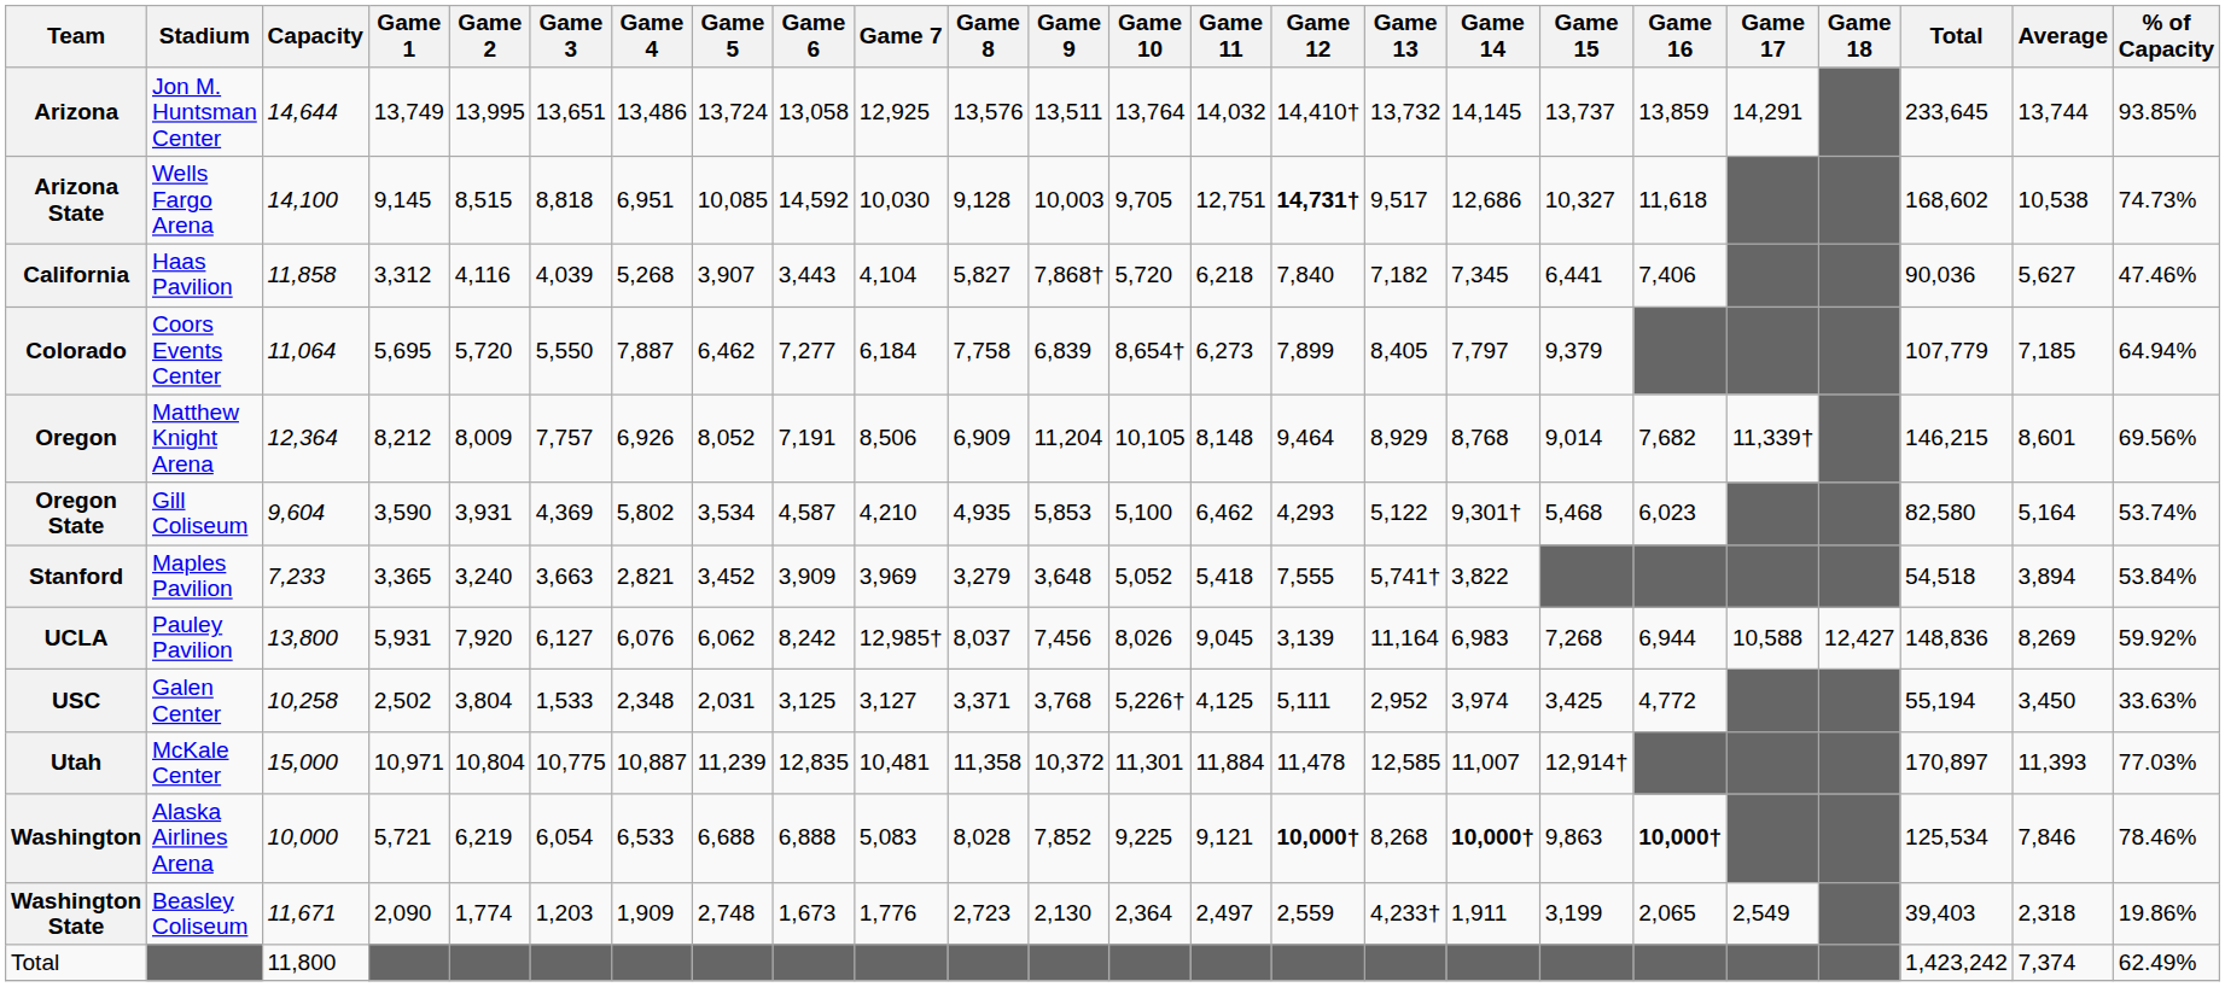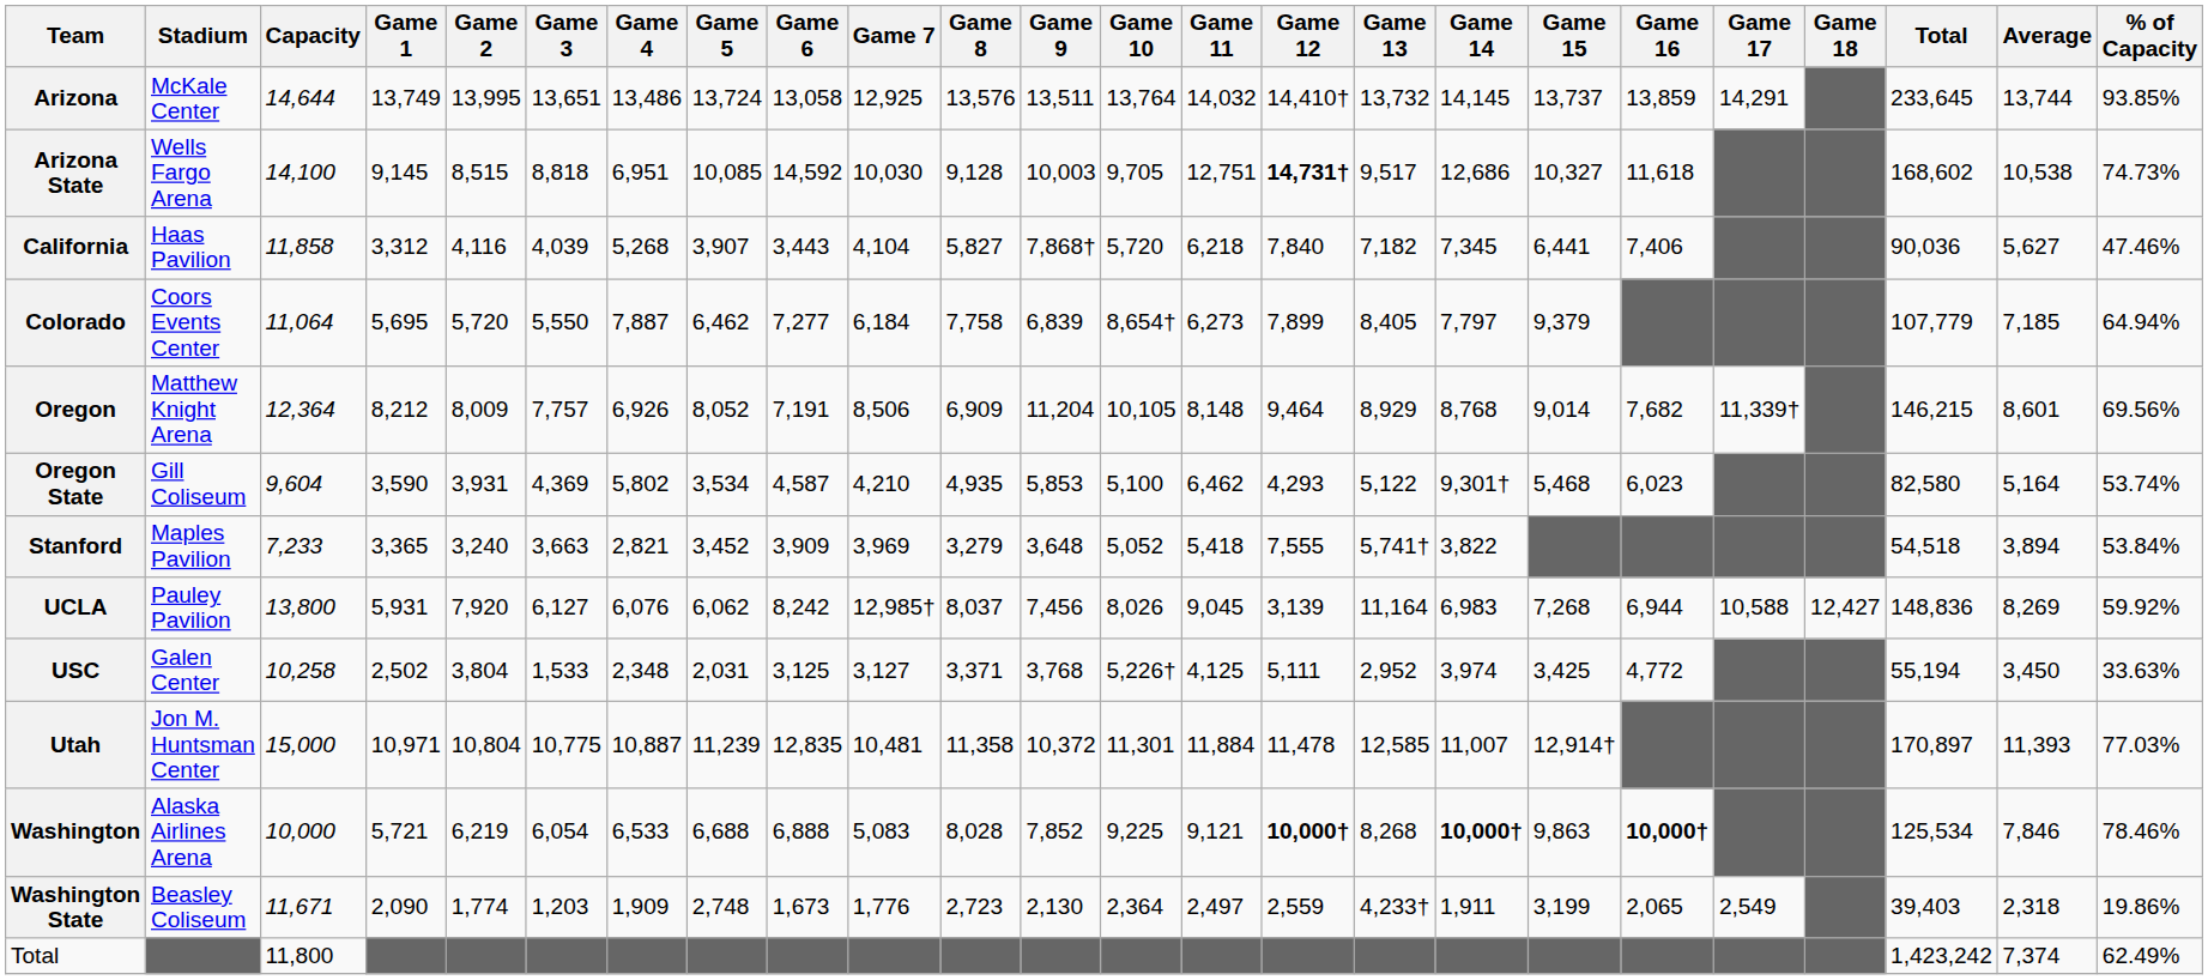 <table class="wikitable">
 <tr>
 <th>Team</th>
 <th>Stadium</th>
 <th>Capacity</th>
 <th>Game 1</th>
 <th>Game 2</th>
 <th>Game 3</th>
 <th>Game 4</th>
 <th>Game 5</th>
 <th>Game 6</th>
 <th>Game 7</th>
 <th>Game 8</th>
 <th>Game 9</th>
 <th>Game 10</th>
 <th>Game 11</th>
 <th>Game 12</th>
 <th>Game 13</th>
 <th>Game 14</th>
 <th>Game 15</th>
 <th>Game 16</th>
 <th>Game 17</th>
 <th>Game 18</th>
 <th>Total</th>
 <th>Average</th>
 <th>% of Capacity</th>
 </tr>
 <tr>
 <th>Arizona</th>
-<td><a href='#'>Jon M. Huntsman Center</a></td>
+<td><a href='#'>McKale Center</a></td>
 <td><em>14,644</em></td>
 <td>13,749</td>
 <td>13,995</td>
 <td>13,651</td>
 <td>13,486</td>
 <td>13,724</td>
 <td>13,058</td>
 <td>12,925</td>
 <td>13,576</td>
 <td>13,511</td>
 <td>13,764</td>
 <td>14,032</td>
 <td>14,410†</td>
 <td>13,732</td>
 <td>14,145</td>
 <td>13,737</td>
 <td>13,859</td>
 <td>14,291</td>
 <td style="background:#666666;"></td>
 <td>233,645</td>
 <td>13,744</td>
 <td>93.85%</td>
 </tr>
 <tr>
 <th>Arizona State</th>
 <td><a href='#'>Wells Fargo Arena</a></td>
 <td><em>14,100</em></td>
 <td>9,145</td>
 <td>8,515</td>
 <td>8,818</td>
 <td>6,951</td>
 <td>10,085</td>
 <td>14,592</td>
 <td>10,030</td>
 <td>9,128</td>
 <td>10,003</td>
 <td>9,705</td>
 <td>12,751</td>
 <td><strong>14,731†</strong></td>
 <td>9,517</td>
 <td>12,686</td>
 <td>10,327</td>
 <td>11,618</td>
 <td style="background:#666666;"></td>
 <td style="background:#666666;"></td>
 <td>168,602</td>
 <td>10,538</td>
 <td>74.73%</td>
 </tr>
 <tr>
 <th>California</th>
 <td><a href='#'>Haas Pavilion</a></td>
 <td><em>11,858</em></td>
 <td>3,312</td>
 <td>4,116</td>
 <td>4,039</td>
 <td>5,268</td>
 <td>3,907</td>
 <td>3,443</td>
 <td>4,104</td>
 <td>5,827</td>
 <td>7,868†</td>
 <td>5,720</td>
 <td>6,218</td>
 <td>7,840</td>
 <td>7,182</td>
 <td>7,345</td>
 <td>6,441</td>
 <td>7,406</td>
 <td style="background:#666666;"></td>
 <td style="background:#666666;"></td>
 <td>90,036</td>
 <td>5,627</td>
 <td>47.46%</td>
 </tr>
 <tr>
 <th>Colorado</th>
 <td><a href='#'>Coors Events Center</a></td>
 <td><em>11,064</em></td>
 <td>5,695</td>
 <td>5,720</td>
 <td>5,550</td>
 <td>7,887</td>
 <td>6,462</td>
 <td>7,277</td>
 <td>6,184</td>
 <td>7,758</td>
 <td>6,839</td>
 <td>8,654†</td>
 <td>6,273</td>
 <td>7,899</td>
 <td>8,405</td>
 <td>7,797</td>
 <td>9,379</td>
 <td style="background:#666666;"></td>
 <td style="background:#666666;"></td>
 <td style="background:#666666;"></td>
 <td>107,779</td>
 <td>7,185</td>
 <td>64.94%</td>
 </tr>
 <tr>
 <th>Oregon</th>
 <td><a href='#'>Matthew Knight Arena</a></td>
 <td><em>12,364</em></td>
 <td>8,212</td>
 <td>8,009</td>
 <td>7,757</td>
 <td>6,926</td>
 <td>8,052</td>
 <td>7,191</td>
 <td>8,506</td>
 <td>6,909</td>
 <td>11,204</td>
 <td>10,105</td>
 <td>8,148</td>
 <td>9,464</td>
 <td>8,929</td>
 <td>8,768</td>
 <td>9,014</td>
 <td>7,682</td>
 <td>11,339†</td>
 <td style="background:#666666;"></td>
 <td>146,215</td>
 <td>8,601</td>
 <td>69.56%</td>
 </tr>
 <tr>
 <th>Oregon State</th>
 <td><a href='#'>Gill Coliseum</a></td>
 <td><em>9,604</em></td>
 <td>3,590</td>
 <td>3,931</td>
 <td>4,369</td>
 <td>5,802</td>
 <td>3,534</td>
 <td>4,587</td>
 <td>4,210</td>
 <td>4,935</td>
 <td>5,853</td>
 <td>5,100</td>
 <td>6,462</td>
 <td>4,293</td>
 <td>5,122</td>
 <td>9,301†</td>
 <td>5,468</td>
 <td>6,023</td>
 <td style="background:#666666;"></td>
 <td style="background:#666666;"></td>
 <td>82,580</td>
 <td>5,164</td>
 <td>53.74%</td>
 </tr>
 <tr>
 <th>Stanford</th>
 <td><a href='#'>Maples Pavilion</a></td>
 <td><em>7,233</em></td>
 <td>3,365</td>
 <td>3,240</td>
 <td>3,663</td>
 <td>2,821</td>
 <td>3,452</td>
 <td>3,909</td>
 <td>3,969</td>
 <td>3,279</td>
 <td>3,648</td>
 <td>5,052</td>
 <td>5,418</td>
 <td>7,555</td>
 <td>5,741†</td>
 <td>3,822</td>
 <td style="background:#666666;"></td>
 <td style="background:#666666;"></td>
 <td style="background:#666666;"></td>
 <td style="background:#666666;"></td>
 <td>54,518</td>
 <td>3,894</td>
 <td>53.84%</td>
 </tr>
 <tr>
 <th>UCLA</th>
 <td><a href='#'>Pauley Pavilion</a></td>
 <td><em>13,800</em></td>
 <td>5,931</td>
 <td>7,920</td>
 <td>6,127</td>
 <td>6,076</td>
 <td>6,062</td>
 <td>8,242</td>
 <td>12,985†</td>
 <td>8,037</td>
 <td>7,456</td>
 <td>8,026</td>
 <td>9,045</td>
 <td>3,139</td>
 <td>11,164</td>
 <td>6,983</td>
 <td>7,268</td>
 <td>6,944</td>
 <td>10,588</td>
 <td>12,427</td>
 <td>148,836</td>
 <td>8,269</td>
 <td>59.92%</td>
 </tr>
 <tr>
 <th>USC</th>
 <td><a href='#'>Galen Center</a></td>
 <td><em>10,258</em></td>
 <td>2,502</td>
 <td>3,804</td>
 <td>1,533</td>
 <td>2,348</td>
 <td>2,031</td>
 <td>3,125</td>
 <td>3,127</td>
 <td>3,371</td>
 <td>3,768</td>
 <td>5,226†</td>
 <td>4,125</td>
 <td>5,111</td>
 <td>2,952</td>
 <td>3,974</td>
 <td>3,425</td>
 <td>4,772</td>
 <td style="background:#666666;"></td>
 <td style="background:#666666;"></td>
 <td>55,194</td>
 <td>3,450</td>
 <td>33.63%</td>
 </tr>
 <tr>
 <th>Utah</th>
-<td><a href='#'>McKale Center</a></td>
+<td><a href='#'>Jon M. Huntsman Center</a></td>
 <td><em>15,000</em></td>
 <td>10,971</td>
 <td>10,804</td>
 <td>10,775</td>
 <td>10,887</td>
 <td>11,239</td>
 <td>12,835</td>
 <td>10,481</td>
 <td>11,358</td>
 <td>10,372</td>
 <td>11,301</td>
 <td>11,884</td>
 <td>11,478</td>
 <td>12,585</td>
 <td>11,007</td>
 <td>12,914†</td>
 <td style="background:#666666;"></td>
 <td style="background:#666666;"></td>
 <td style="background:#666666;"></td>
 <td>170,897</td>
 <td>11,393</td>
 <td>77.03%</td>
 </tr>
 <tr>
 <th>Washington</th>
 <td><a href='#'>Alaska Airlines Arena</a></td>
 <td><em>10,000</em></td>
 <td>5,721</td>
 <td>6,219</td>
 <td>6,054</td>
 <td>6,533</td>
 <td>6,688</td>
 <td>6,888</td>
 <td>5,083</td>
 <td>8,028</td>
 <td>7,852</td>
 <td>9,225</td>
 <td>9,121</td>
 <td><strong>10,000†</strong></td>
 <td>8,268</td>
 <td><strong>10,000†</strong></td>
 <td>9,863</td>
 <td><strong>10,000†</strong></td>
 <td style="background:#666666;"></td>
 <td style="background:#666666;"></td>
 <td>125,534</td>
 <td>7,846</td>
 <td>78.46%</td>
 </tr>
 <tr>
 <th>Washington State</th>
 <td><a href='#'>Beasley Coliseum</a></td>
 <td><em>11,671</em></td>
 <td>2,090</td>
 <td>1,774</td>
 <td>1,203</td>
 <td>1,909</td>
 <td>2,748</td>
 <td>1,673</td>
 <td>1,776</td>
 <td>2,723</td>
 <td>2,130</td>
 <td>2,364</td>
 <td>2,497</td>
 <td>2,559</td>
 <td>4,233†</td>
 <td>1,911</td>
 <td>3,199</td>
 <td>2,065</td>
 <td>2,549</td>
 <td style="background:#666666;"></td>
 <td>39,403</td>
 <td>2,318</td>
 <td>19.86%</td>
 </tr>
 <tr>
 <td>Total</td>
 <td style="background:#666666;"></td>
 <td>11,800</td>
 <td style="background:#666666;"></td>
 <td style="background:#666666;"></td>
 <td style="background:#666666;"></td>
 <td style="background:#666666;"></td>
 <td style="background:#666666;"></td>
 <td style="background:#666666;"></td>
 <td style="background:#666666;"></td>
 <td style="background:#666666;"></td>
 <td style="background:#666666;"></td>
 <td style="background:#666666;"></td>
 <td style="background:#666666;"></td>
 <td style="background:#666666;"></td>
 <td style="background:#666666;"></td>
 <td style="background:#666666;"></td>
 <td style="background:#666666;"></td>
 <td style="background:#666666;"></td>
 <td style="background:#666666;"></td>
 <td style="background:#666666;"></td>
 <td>1,423,242</td>
 <td>7,374</td>
 <td>62.49%</td>
 </tr>
 <tr>
 </tr>
 </table>
